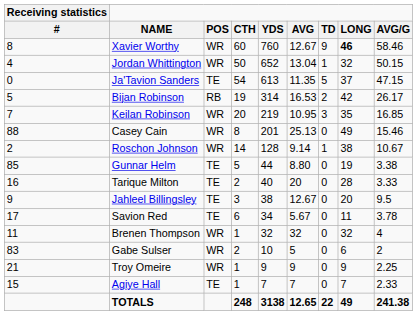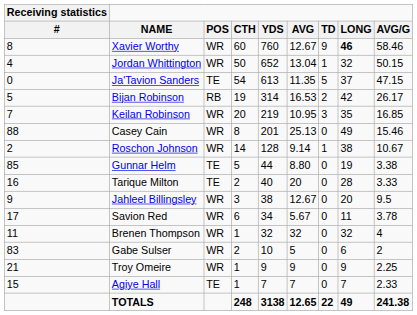 <table class="wikitable">
 <tr>
 <th style="text-align:center; ">Receiving statistics</th>
 </tr>
 <tr>
 <th>#</th>
 <th>NAME</th>
 <th>POS</th>
 <th>CTH</th>
 <th>YDS</th>
 <th>AVG</th>
 <th>TD</th>
 <th>LONG</th>
 <th>AVG/G</th>
 </tr>
 <tr>
 <td>8</td>
 <td><a href='#'>Xavier Worthy</a></td>
 <td>WR</td>
 <td>60</td>
 <td>760</td>
 <td>12.67</td>
 <td>9</td>
 <td><strong>46</strong></td>
 <td>58.46</td>
 </tr>
 <tr>
 <td>4</td>
 <td><a href='#'>Jordan Whittington</a></td>
 <td>WR</td>
 <td>50</td>
 <td>652</td>
 <td>13.04</td>
 <td>1</td>
 <td>32</td>
 <td>50.15</td>
 </tr>
 <tr>
 <td>0</td>
 <td><a href='#'>Ja'Tavion Sanders</a></td>
 <td>TE</td>
 <td>54</td>
 <td>613</td>
 <td>11.35</td>
 <td>5</td>
 <td>37</td>
 <td>47.15</td>
 </tr>
 <tr>
 <td>5</td>
 <td><a href='#'>Bijan Robinson</a></td>
 <td>RB</td>
 <td>19</td>
 <td>314</td>
 <td>16.53</td>
 <td>2</td>
 <td>42</td>
 <td>26.17</td>
 </tr>
 <tr>
 <td>7</td>
 <td><a href='#'>Keilan Robinson</a></td>
 <td>WR</td>
 <td>20</td>
 <td>219</td>
 <td>10.95</td>
 <td>3</td>
 <td>35</td>
 <td>16.85</td>
 </tr>
 <tr>
 <td>88</td>
 <td>Casey Cain</td>
 <td>WR</td>
 <td>8</td>
 <td>201</td>
 <td>25.13</td>
 <td>0</td>
 <td>49</td>
 <td>15.46</td>
 </tr>
 <tr>
 <td>2</td>
 <td><a href='#'>Roschon Johnson</a></td>
 <td>WR</td>
 <td>14</td>
 <td>128</td>
 <td>9.14</td>
 <td>1</td>
 <td>38</td>
 <td>10.67</td>
 </tr>
 <tr>
 <td>85</td>
 <td><a href='#'>Gunnar Helm</a></td>
 <td>TE</td>
 <td>5</td>
 <td>44</td>
 <td>8.80</td>
 <td>0</td>
 <td>19</td>
 <td>3.38</td>
 </tr>
 <tr>
 <td>16</td>
 <td>Tarique Milton</td>
 <td>TE</td>
 <td>2</td>
 <td>40</td>
 <td>20</td>
 <td>0</td>
 <td>28</td>
 <td>3.33</td>
 </tr>
 <tr>
 <td>9</td>
 <td><a href='#'>Jahleel Billingsley</a></td>
-<td>TE</td>
+<td>WR</td>
 <td>3</td>
 <td>38</td>
 <td>12.67</td>
 <td>0</td>
 <td>20</td>
 <td>9.5</td>
 </tr>
 <tr>
 <td>17</td>
 <td>Savion Red</td>
-<td>TE</td>
+<td>WR</td>
 <td>6</td>
 <td>34</td>
 <td>5.67</td>
 <td>0</td>
 <td>11</td>
 <td>3.78</td>
 </tr>
 <tr>
 <td>11</td>
 <td>Brenen Thompson</td>
 <td>WR</td>
 <td>1</td>
 <td>32</td>
 <td>32</td>
 <td>0</td>
 <td>32</td>
 <td>4</td>
 </tr>
 <tr>
 <td>83</td>
 <td>Gabe Sulser</td>
 <td>WR</td>
 <td>2</td>
 <td>10</td>
 <td>5</td>
 <td>0</td>
 <td>6</td>
 <td>2</td>
 </tr>
 <tr>
 <td>21</td>
 <td>Troy Omeire</td>
 <td>WR</td>
 <td>1</td>
 <td>9</td>
 <td>9</td>
 <td>0</td>
 <td>9</td>
 <td>2.25</td>
 </tr>
 <tr>
 <td>15</td>
 <td><a href='#'>Agiye Hall</a></td>
 <td>TE</td>
 <td>1</td>
 <td>7</td>
 <td>7</td>
 <td>0</td>
 <td>7</td>
 <td>2.33</td>
 </tr>
 <tr>
 <td></td>
 <td><strong>TOTALS</strong></td>
 <td></td>
 <td><strong>248</strong></td>
 <td><strong>3138</strong></td>
 <td><strong>12.65</strong></td>
 <td><strong>22</strong></td>
 <td><strong>49</strong></td>
 <td><strong>241.38</strong></td>
 </tr>
 </table>
